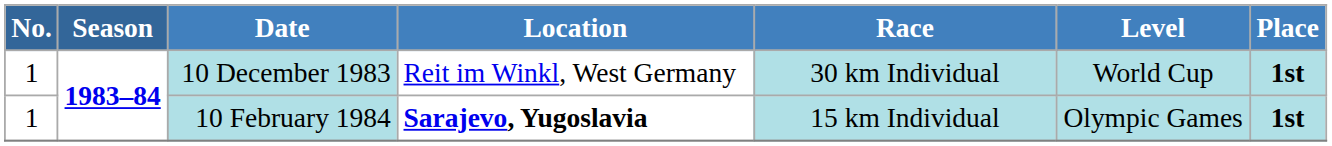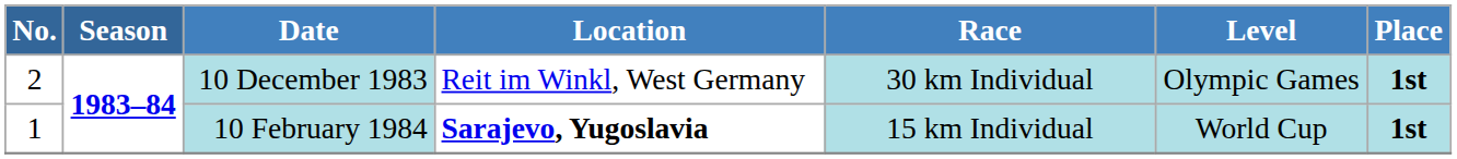 <table class="wikitable sortable" style="font-size:95%; text-align:center; border:grey solid 1px; border-collapse:collapse; background:#ffffff;">
 <tr style="background:#efefef;">
 <th style="background-color:#369; color:white;">No.</th>
 <th style="background-color:#369; color:white;">Season</th>
 <th style="background-color:#4180be; color:white; width:120px;">Date</th>
 <th style="background-color:#4180be; color:white; width:190px;">Location</th>
 <th style="background-color:#4180be; color:white; width:160px;">Race</th>
 <th style="background-color:#4180be; color:white; width:100px;">Level</th>
 <th style="background-color:#4180be; color:white;">Place</th>
 </tr>
 <tr>
-<td align=center>1</td>
+<td align=center>2</td>
 <td rowspan=2 align=center><strong><a href='#'>1983–84</a></strong></td>
 <td bgcolor="#BOEOE6" align=right>10 December 1983</td>
 <td align=left> <a href='#'>Reit im Winkl</a>, West Germany</td>
 <td bgcolor="#BOEOE6">30 km Individual</td>
-<td bgcolor="#BOEOE6">World Cup</td>
+<td bgcolor="#BOEOE6">Olympic Games</td>
 <td bgcolor="#BOEOE6"><strong>1st</strong></td>
 </tr>
 <tr>
 <td align=center>1</td>
 <td bgcolor="#BOEOE6" align=right>10 February 1984</td>
 <td align=left><strong> <a href='#'>Sarajevo</a>, Yugoslavia</strong></td>
 <td bgcolor="#BOEOE6">15 km Individual</td>
-<td bgcolor="#BOEOE6">Olympic Games</td>
+<td bgcolor="#BOEOE6">World Cup</td>
 <td bgcolor="#BOEOE6"><strong>1st</strong></td>
 </tr>
 <tr>
 </tr>
 </table>
